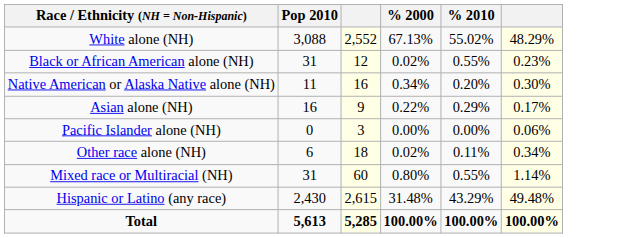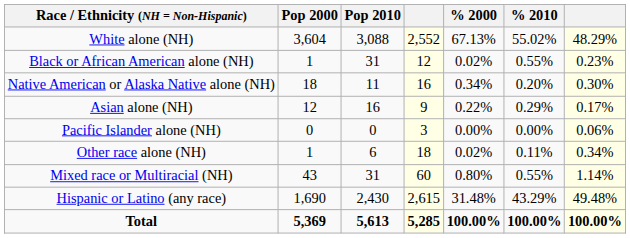 <table class="wikitable" style="text-align:center;">
 <tr>
 <th>Race / Ethnicity <small>(<em>NH = Non-Hispanic</em>)</small></th>
+<th>Pop 2000</th>
 <th>Pop 2010</th>
 <th></th>
 <th>% 2000</th>
 <th>% 2010</th>
 <th></th>
 </tr>
 <tr>
 <td><a href='#'>White</a> alone (NH)</td>
+<td>3,604</td>
 <td>3,088</td>
 <td style='background: #ffffe6;'>2,552</td>
 <td>67.13%</td>
 <td>55.02%</td>
 <td style='background: #ffffe6;'>48.29%</td>
 </tr>
 <tr>
 <td><a href='#'>Black or African American</a> alone (NH)</td>
+<td>1</td>
 <td>31</td>
 <td style='background: #ffffe6;'>12</td>
 <td>0.02%</td>
 <td>0.55%</td>
 <td style='background: #ffffe6;'>0.23%</td>
 </tr>
 <tr>
 <td><a href='#'>Native American</a> or <a href='#'>Alaska Native</a> alone (NH)</td>
+<td>18</td>
 <td>11</td>
 <td style='background: #ffffe6;'>16</td>
 <td>0.34%</td>
 <td>0.20%</td>
 <td style='background: #ffffe6;'>0.30%</td>
 </tr>
 <tr>
 <td><a href='#'>Asian</a> alone (NH)</td>
+<td>12</td>
 <td>16</td>
 <td style='background: #ffffe6;'>9</td>
 <td>0.22%</td>
 <td>0.29%</td>
 <td style='background: #ffffe6;'>0.17%</td>
 </tr>
 <tr>
 <td><a href='#'>Pacific Islander</a> alone (NH)</td>
 <td>0</td>
+<td>0</td>
 <td style='background: #ffffe6;'>3</td>
 <td>0.00%</td>
 <td>0.00%</td>
 <td style='background: #ffffe6;'>0.06%</td>
 </tr>
 <tr>
 <td><a href='#'>Other race</a> alone (NH)</td>
+<td>1</td>
 <td>6</td>
 <td style='background: #ffffe6;'>18</td>
 <td>0.02%</td>
 <td>0.11%</td>
 <td style='background: #ffffe6;'>0.34%</td>
 </tr>
 <tr>
 <td><a href='#'>Mixed race or Multiracial</a> (NH)</td>
+<td>43</td>
 <td>31</td>
 <td style='background: #ffffe6;'>60</td>
 <td>0.80%</td>
 <td>0.55%</td>
 <td style='background: #ffffe6;'>1.14%</td>
 </tr>
 <tr>
 <td><a href='#'>Hispanic or Latino</a> (any race)</td>
+<td>1,690</td>
 <td>2,430</td>
 <td style='background: #ffffe6;'>2,615</td>
 <td>31.48%</td>
 <td>43.29%</td>
 <td style='background: #ffffe6;'>49.48%</td>
 </tr>
 <tr>
 <td><strong>Total</strong></td>
+<td><strong>5,369</strong></td>
 <td><strong>5,613</strong></td>
 <td style='background: #ffffe6;'><strong>5,285</strong></td>
 <td><strong>100.00%</strong></td>
 <td><strong>100.00%</strong></td>
 <td style='background: #ffffe6;'><strong>100.00%</strong></td>
 </tr>
 </table>
